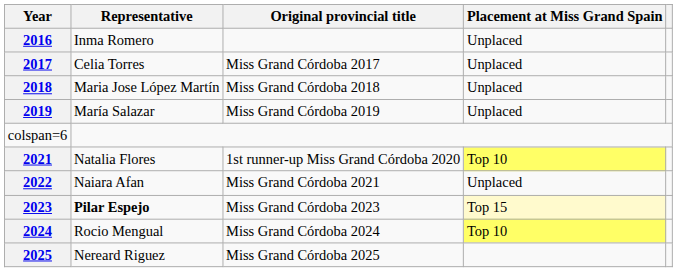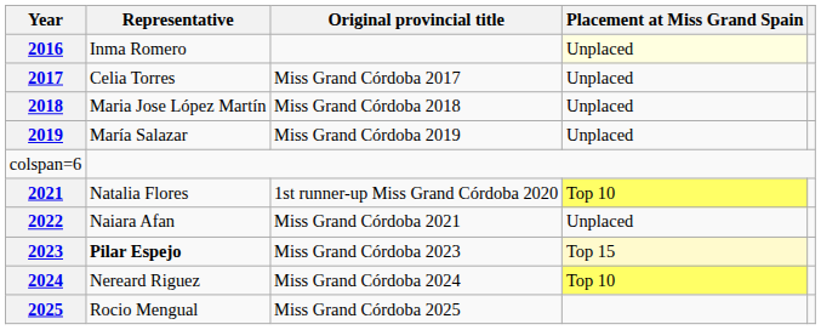 <table class="wikitable defaultcenter col2left" style="font-size:95%;">
 <tr>
 <th>Year</th>
 <th>Representative</th>
 <th>Original provincial title</th>
 <th>Placement at Miss Grand Spain</th>
 <th></th>
 </tr>
 <tr>
 <th><a href='#'>2016</a></th>
 <td>Inma Romero</td>
 <td></td>
-<td>Unplaced</td>
+<td style="background: lightyellow;">Unplaced</td>
 <td></td>
 </tr>
 <tr>
 <th><a href='#'>2017</a></th>
 <td>Celia Torres</td>
 <td>Miss Grand Córdoba 2017</td>
 <td>Unplaced</td>
 <td></td>
 </tr>
 <tr>
 <th><a href='#'>2018</a></th>
 <td>Maria Jose López Martín</td>
 <td>Miss Grand Córdoba 2018</td>
 <td>Unplaced</td>
 <td></td>
 </tr>
 <tr>
 <th><a href='#'>2019</a></th>
 <td>María Salazar</td>
 <td>Miss Grand Córdoba 2019</td>
 <td>Unplaced</td>
 <td></td>
 </tr>
 <tr>
 <td>colspan=6 </td>
 </tr>
 <tr>
 <th><a href='#'>2021</a></th>
 <td>Natalia Flores</td>
 <td>1st runner-up Miss Grand Córdoba 2020</td>
 <td bgcolor=#FFFF66>Top 10</td>
 <td></td>
 </tr>
 <tr>
 <th><a href='#'>2022</a></th>
 <td>Naiara Afan</td>
 <td>Miss Grand Córdoba 2021</td>
 <td>Unplaced</td>
 <td></td>
 </tr>
 <tr>
 <th><a href='#'>2023</a></th>
 <td><strong>Pilar Espejo</strong></td>
 <td>Miss Grand Córdoba 2023</td>
 <td bgcolor=#FFFACD>Top 15</td>
 <td></td>
 </tr>
 <tr>
 <th><a href='#'>2024</a></th>
-<td>Rocio Mengual</td>
+<td>Nereard Riguez</td>
 <td>Miss Grand Córdoba 2024</td>
 <td bgcolor=#FFFF66>Top 10</td>
 <td></td>
 </tr>
 <tr>
 <th><a href='#'>2025</a></th>
-<td>Nereard Riguez</td>
+<td>Rocio Mengual</td>
 <td>Miss Grand Córdoba 2025</td>
 <td></td>
 <td></td>
 </tr>
 </table>
